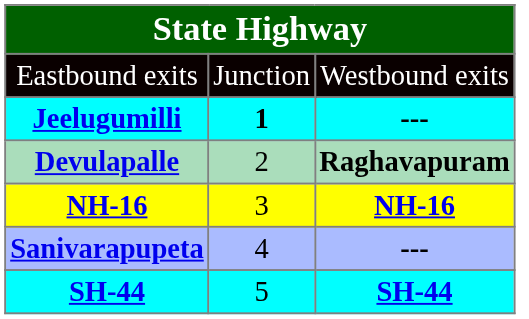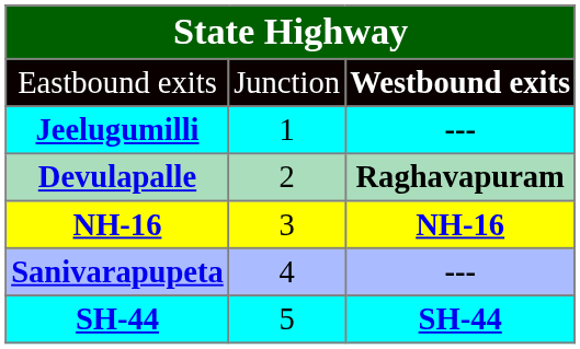 <table border=1 cellpadding=2 style="margin-left:1em; margin-bottom: 1em; color: black; border-collapse: collapse; font-size: 95%;">
 <tr align="center" style="background:#006000; color: white;font-size:120%;">
 <td colspan="3"><strong>State Highway</strong></td>
 </tr>
 <tr align="center" style="background:#0a0000; color:white;">
 <td>Eastbound exits</td>
 <td>Junction</td>
-<td>Westbound exits</td>
+<td><strong>Westbound exits</strong></td>
 </tr>
 <tr align="center">
 <td bgcolor="#00ffff"><strong><a href='#'>Jeelugumilli</a></strong></td>
-<td bgcolor="#00ffff"><strong>1</strong></td>
+<td bgcolor="#00ffff">1</td>
 <td bgcolor="#00ffff"><strong>---</strong></td>
 </tr>
 <tr align="center">
 <td bgcolor="#aaddbb"><strong><a href='#'>Devulapalle</a></strong></td>
 <td bgcolor="#aaddbb">2</td>
 <td bgcolor="#aaddbb"><strong>Raghavapuram</strong></td>
 </tr>
 <tr align="center">
 <td bgcolor="#ffff00"><strong><a href='#'>NH-16</a></strong></td>
 <td bgcolor="ffff00">3</td>
 <td bgcolor="#ffff00"><strong><a href='#'>NH-16</a></strong></td>
 </tr>
 <tr align="center">
 <td bgcolor="#aabbff"><strong><a href='#'>Sanivarapupeta</a></strong></td>
 <td bgcolor="aabbff">4</td>
 <td bgcolor="#aabbff"><strong>---</strong></td>
 </tr>
 <tr align="center">
 <td bgcolor="#00ffff"><strong><a href='#'>SH-44</a></strong></td>
 <td bgcolor="00ffff">5</td>
 <td bgcolor="#00ffff"><strong><a href='#'>SH-44</a></strong></td>
 </tr>
 </table>
